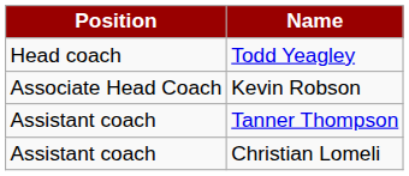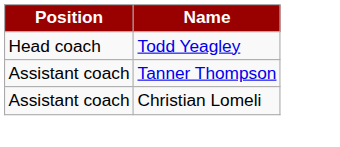 <table class="wikitable">
 <tr>
 <th style="background:#990000; color:white">Position</th>
 <th style="background:#990000; color:white">Name</th>
 </tr>
 <tr>
 <td>Head coach</td>
 <td> <a href='#'>Todd Yeagley</a></td>
 </tr>
 <tr>
-<td>Associate Head Coach</td>
-<td> Kevin Robson</td>
-</tr>
-<tr>
 <td>Assistant coach</td>
 <td> <a href='#'>Tanner Thompson</a></td>
 </tr>
 <tr>
 <td>Assistant coach</td>
 <td> Christian Lomeli</td>
 </tr>
 </table>
